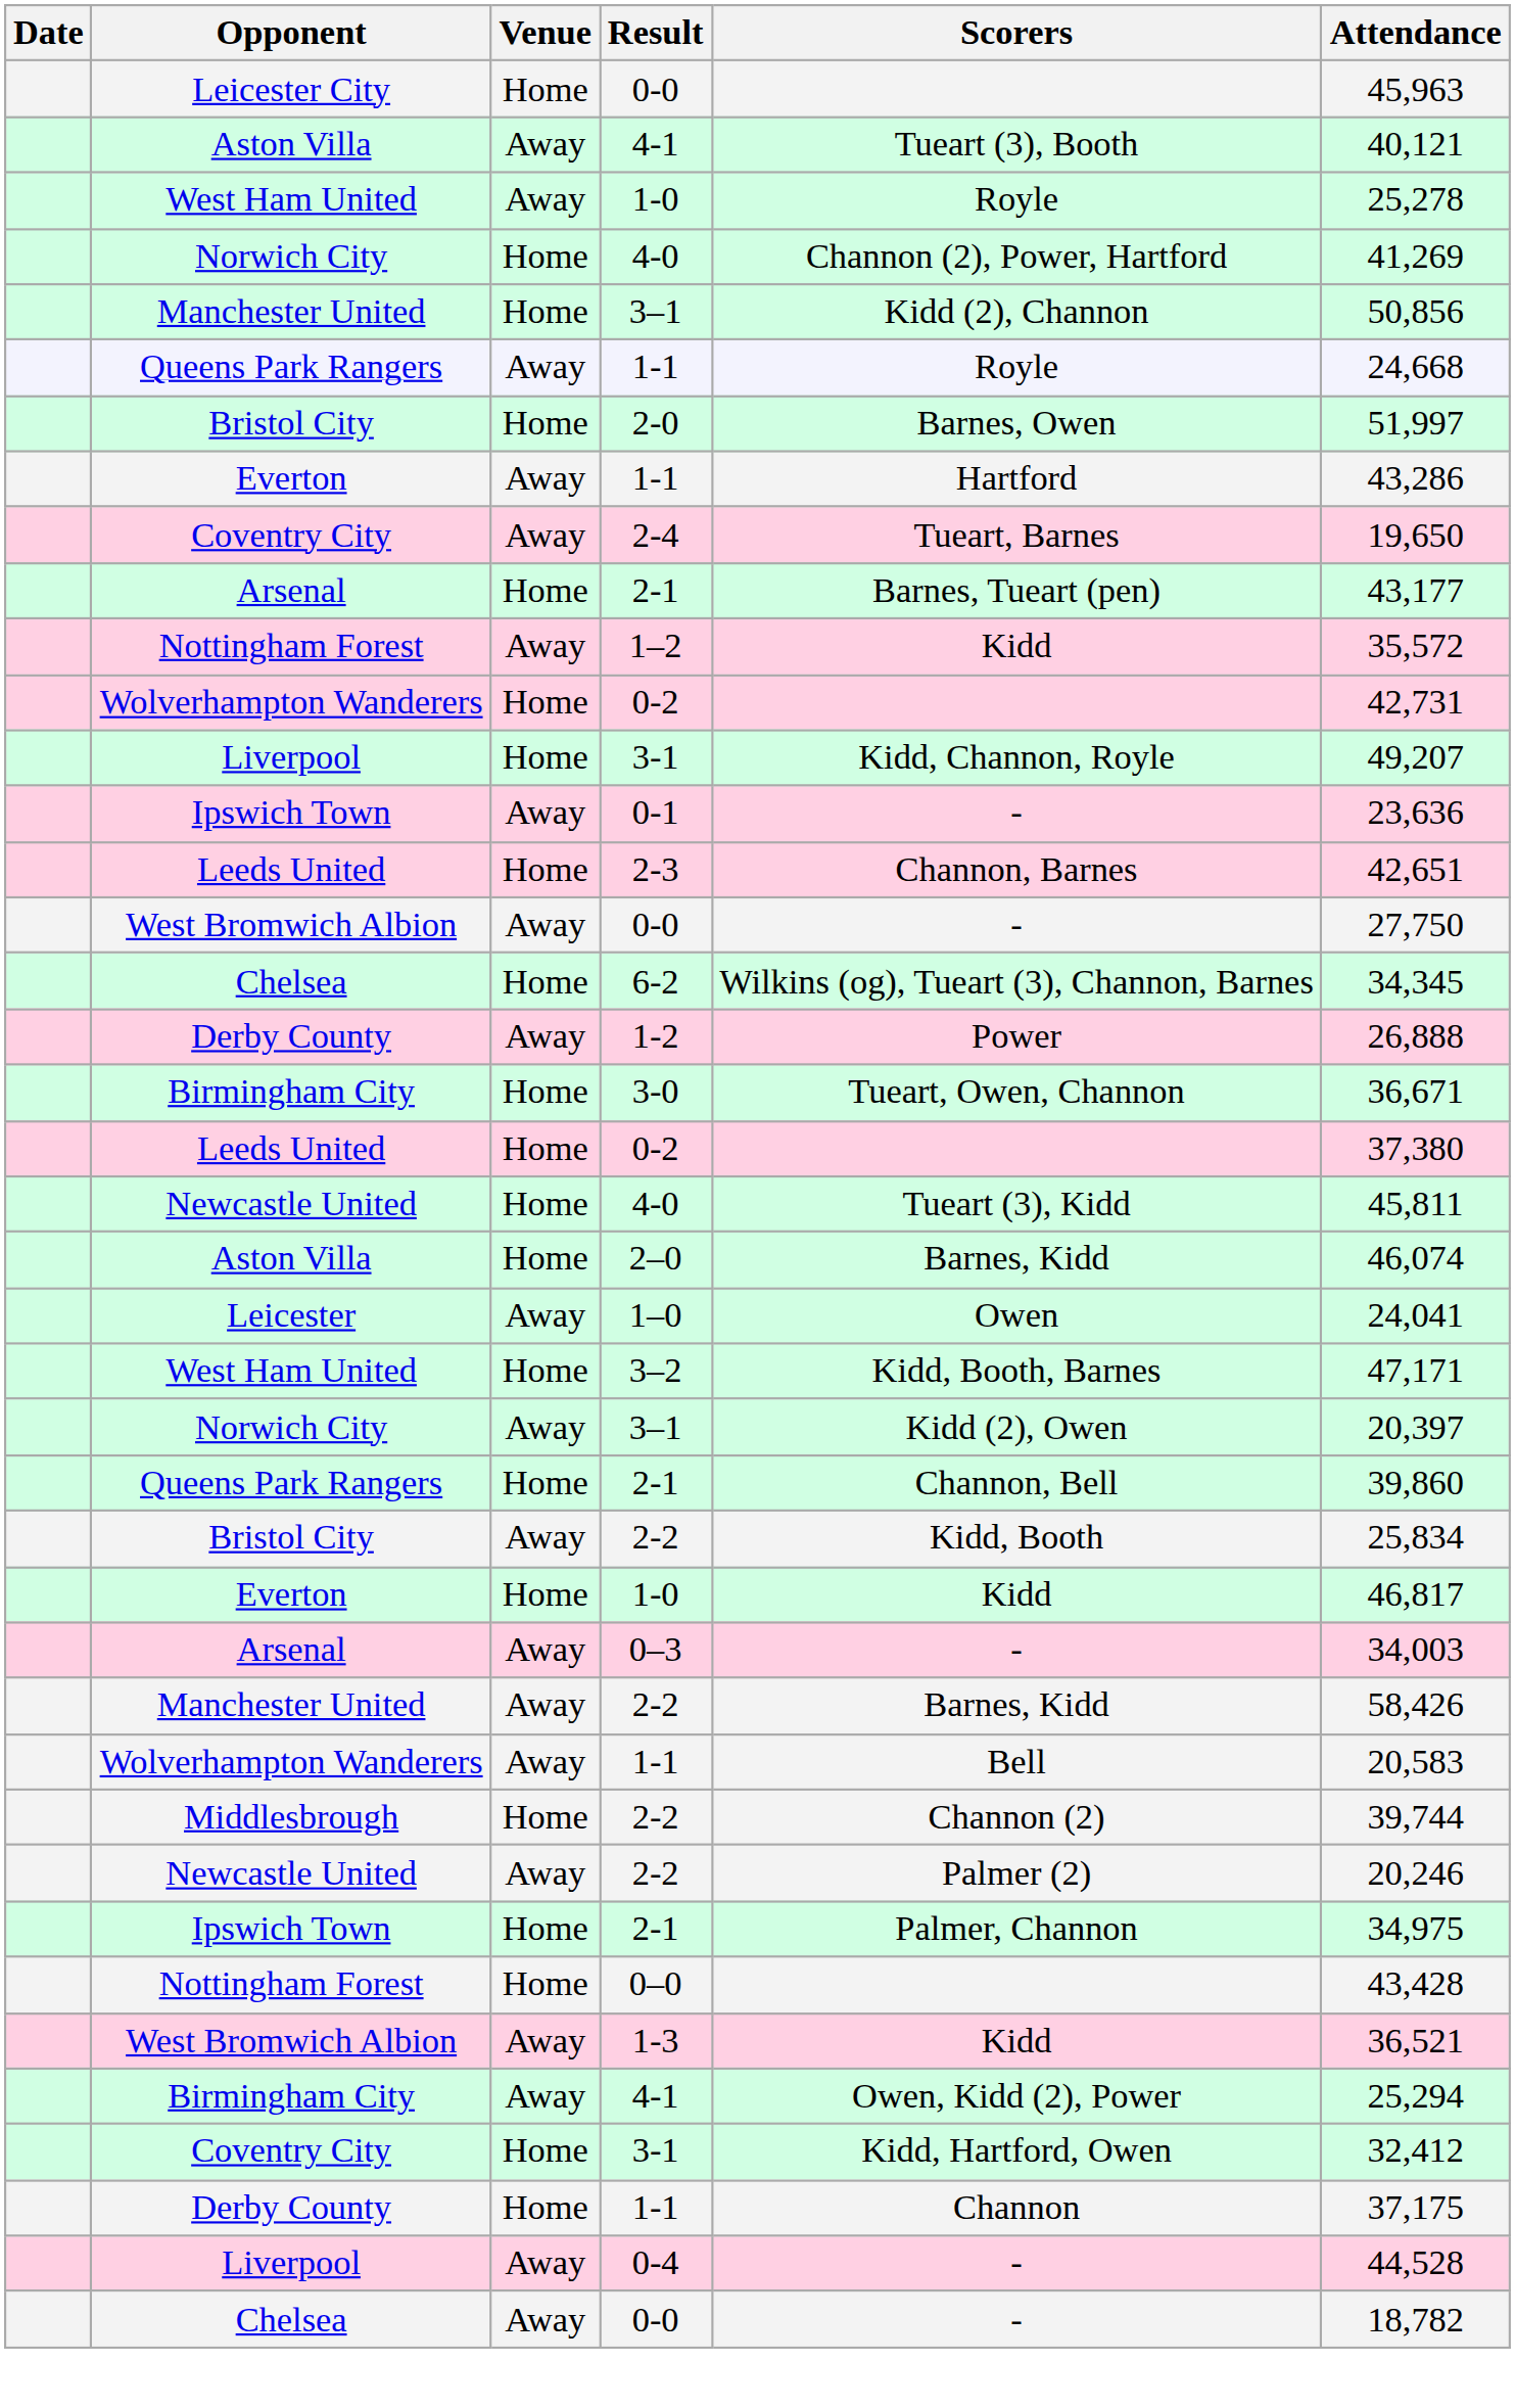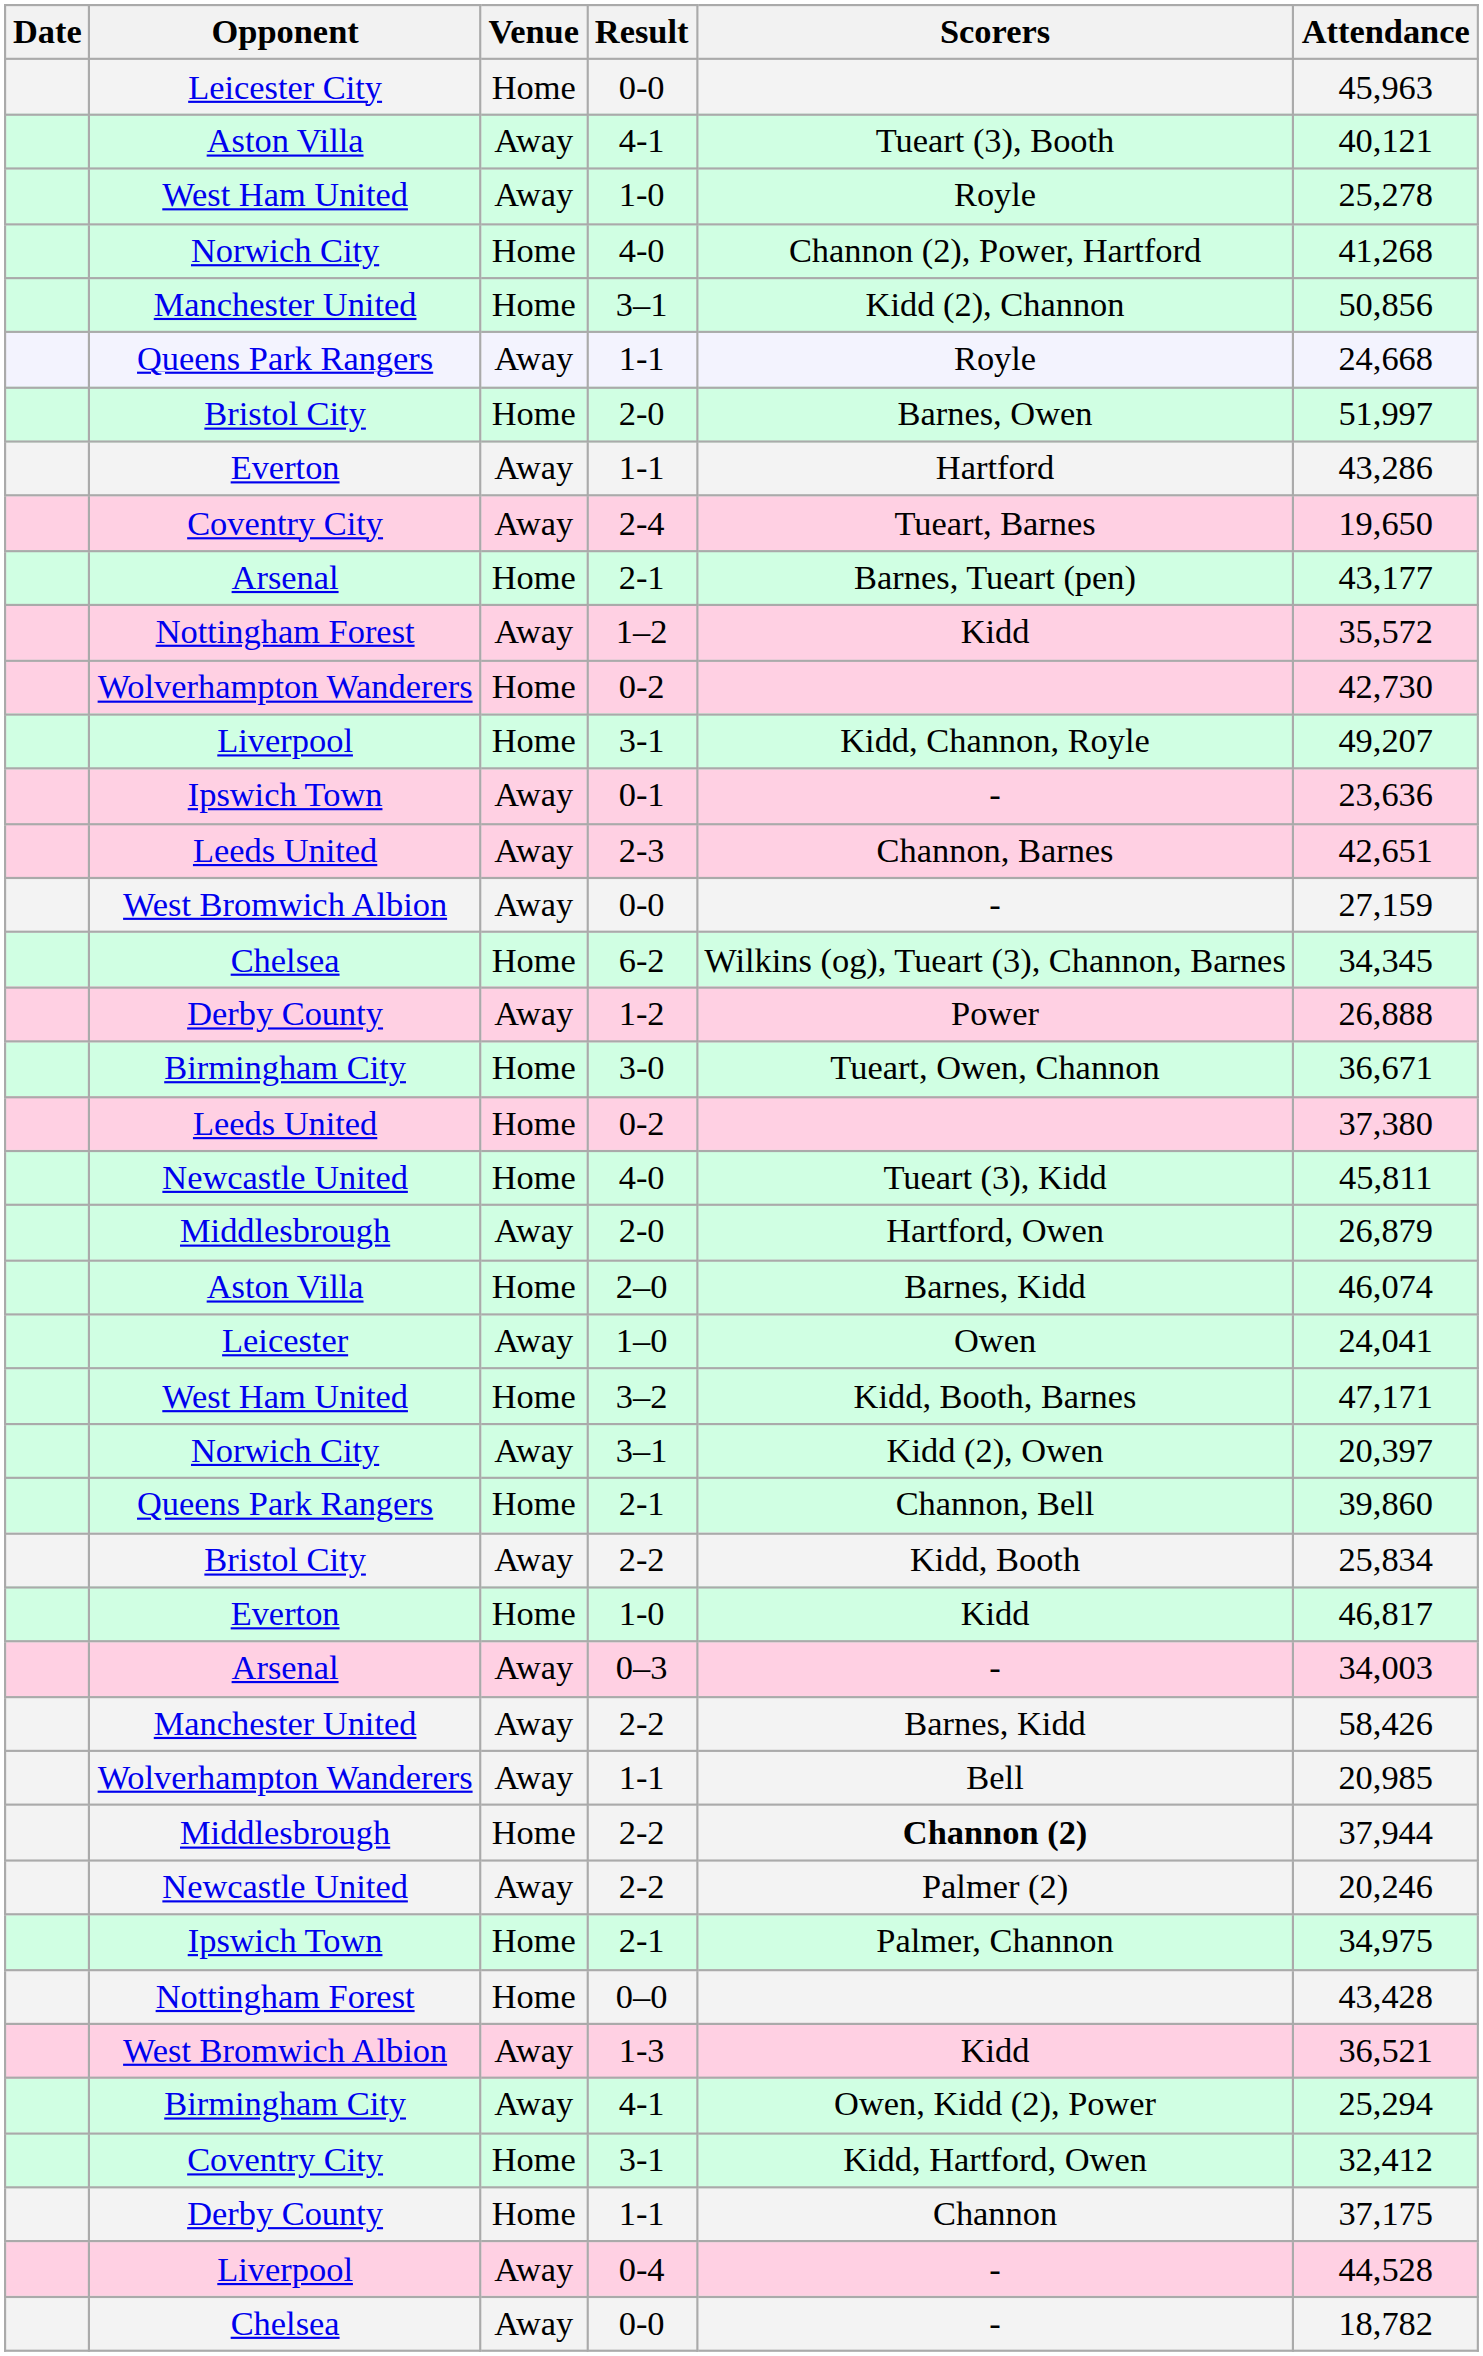 <table class="wikitable sortable" style="text-align:center;">
 <tr>
 <th>Date</th>
 <th>Opponent</th>
 <th>Venue</th>
 <th>Result</th>
 <th class=unsortable>Scorers</th>
 <th>Attendance</th>
 </tr>
 <tr bgcolor="#f3f3f3">
 <td></td>
 <td><a href='#'>Leicester City</a></td>
 <td>Home</td>
 <td>0-0</td>
 <td></td>
 <td>45,963</td>
 </tr>
 <tr bgcolor="#d0ffe3">
 <td></td>
 <td><a href='#'>Aston Villa</a></td>
 <td>Away</td>
 <td>4-1</td>
 <td>Tueart (3), Booth</td>
 <td>40,121</td>
 </tr>
 <tr bgcolor="#d0ffe3">
 <td></td>
 <td><a href='#'>West Ham United</a></td>
 <td>Away</td>
 <td>1-0</td>
 <td>Royle</td>
 <td>25,278</td>
 </tr>
 <tr bgcolor="#d0ffe3">
 <td></td>
 <td><a href='#'>Norwich City</a></td>
 <td>Home</td>
 <td>4-0</td>
 <td>Channon (2), Power, Hartford</td>
-<td>41,269</td>
+<td>41,268</td>
 </tr>
 <tr bgcolor="#d0ffe3">
 <td></td>
 <td><a href='#'>Manchester United</a></td>
 <td>Home</td>
 <td>3–1</td>
 <td>Kidd (2), Channon</td>
 <td>50,856</td>
 </tr>
 <tr bgcolor="#f3f3fe">
 <td></td>
 <td><a href='#'>Queens Park Rangers</a></td>
 <td>Away</td>
 <td>1-1</td>
 <td>Royle</td>
 <td>24,668</td>
 </tr>
 <tr bgcolor="#d0ffe3">
 <td></td>
 <td><a href='#'>Bristol City</a></td>
 <td>Home</td>
 <td>2-0</td>
 <td>Barnes, Owen</td>
 <td>51,997</td>
 </tr>
 <tr bgcolor="#f3f3f3">
 <td></td>
 <td><a href='#'>Everton</a></td>
 <td>Away</td>
 <td>1-1</td>
 <td>Hartford</td>
 <td>43,286</td>
 </tr>
 <tr bgcolor="#ffd0e3">
 <td></td>
 <td><a href='#'>Coventry City</a></td>
 <td>Away</td>
 <td>2-4</td>
 <td>Tueart, Barnes</td>
 <td>19,650</td>
 </tr>
 <tr bgcolor="#d0ffe3">
 <td></td>
 <td><a href='#'>Arsenal</a></td>
 <td>Home</td>
 <td>2-1</td>
 <td>Barnes, Tueart (pen)</td>
 <td>43,177</td>
 </tr>
 <tr bgcolor="#ffd0e3">
 <td></td>
 <td><a href='#'>Nottingham Forest</a></td>
 <td>Away</td>
 <td>1–2</td>
 <td>Kidd</td>
 <td>35,572</td>
 </tr>
 <tr bgcolor="#ffd0e3">
 <td></td>
 <td><a href='#'>Wolverhampton Wanderers</a></td>
 <td>Home</td>
 <td>0-2</td>
 <td></td>
-<td>42,731</td>
+<td>42,730</td>
 </tr>
 <tr bgcolor="#d0ffe3">
 <td></td>
 <td><a href='#'>Liverpool</a></td>
 <td>Home</td>
 <td>3-1</td>
 <td>Kidd, Channon, Royle</td>
 <td>49,207</td>
 </tr>
 <tr bgcolor="#ffd0e3">
 <td></td>
 <td><a href='#'>Ipswich Town</a></td>
 <td>Away</td>
 <td>0-1</td>
 <td>-</td>
 <td>23,636</td>
 </tr>
 <tr bgcolor="#ffd0e3">
 <td></td>
 <td><a href='#'>Leeds United</a></td>
-<td>Home</td>
+<td>Away</td>
 <td>2-3</td>
 <td>Channon, Barnes</td>
 <td>42,651</td>
 </tr>
 <tr bgcolor="#f3f3f3">
 <td></td>
 <td><a href='#'>West Bromwich Albion</a></td>
 <td>Away</td>
 <td>0-0</td>
 <td>-</td>
-<td>27,750</td>
+<td>27,159</td>
 </tr>
 <tr bgcolor="#d0ffe3">
 <td></td>
 <td><a href='#'>Chelsea</a></td>
 <td>Home</td>
 <td>6-2</td>
 <td>Wilkins (og), Tueart (3), Channon, Barnes</td>
 <td>34,345</td>
 </tr>
 <tr bgcolor="#ffd0e3">
 <td></td>
 <td><a href='#'>Derby County</a></td>
 <td>Away</td>
 <td>1-2</td>
 <td>Power</td>
 <td>26,888</td>
 </tr>
 <tr bgcolor="#d0ffe3">
 <td></td>
 <td><a href='#'>Birmingham City</a></td>
 <td>Home</td>
 <td>3-0</td>
 <td>Tueart, Owen, Channon</td>
 <td>36,671</td>
 </tr>
 <tr bgcolor="#ffd0e3">
 <td></td>
 <td><a href='#'>Leeds United</a></td>
 <td>Home</td>
 <td>0-2</td>
 <td></td>
 <td>37,380</td>
 </tr>
 <tr bgcolor="#d0ffe3">
 <td></td>
 <td><a href='#'>Newcastle United</a></td>
 <td>Home</td>
 <td>4-0</td>
 <td>Tueart (3), Kidd</td>
 <td>45,811</td>
+</tr>
+<tr bgcolor="#d0ffe3">
+<td></td>
+<td><a href='#'>Middlesbrough</a></td>
+<td>Away</td>
+<td>2-0</td>
+<td>Hartford, Owen</td>
+<td>26,879</td>
 </tr>
 <tr bgcolor="#d0ffe3">
 <td></td>
 <td><a href='#'>Aston Villa</a></td>
 <td>Home</td>
 <td>2–0</td>
 <td>Barnes, Kidd</td>
 <td>46,074</td>
 </tr>
 <tr bgcolor="#d0ffe3">
 <td></td>
 <td><a href='#'>Leicester</a></td>
 <td>Away</td>
 <td>1–0</td>
 <td>Owen</td>
 <td>24,041</td>
 </tr>
 <tr bgcolor="#d0ffe3">
 <td></td>
 <td><a href='#'>West Ham United</a></td>
 <td>Home</td>
 <td>3–2</td>
 <td>Kidd, Booth, Barnes</td>
 <td>47,171</td>
 </tr>
 <tr bgcolor="#d0ffe3">
 <td></td>
 <td><a href='#'>Norwich City</a></td>
 <td>Away</td>
 <td>3–1</td>
 <td>Kidd (2), Owen</td>
 <td>20,397</td>
 </tr>
 <tr bgcolor="#d0ffe3">
 <td></td>
 <td><a href='#'>Queens Park Rangers</a></td>
 <td>Home</td>
 <td>2-1</td>
 <td>Channon, Bell</td>
 <td>39,860</td>
 </tr>
 <tr bgcolor="#f3f3f3">
 <td></td>
 <td><a href='#'>Bristol City</a></td>
 <td>Away</td>
 <td>2-2</td>
 <td>Kidd, Booth</td>
 <td>25,834</td>
 </tr>
 <tr bgcolor="#d0ffe3">
 <td></td>
 <td><a href='#'>Everton</a></td>
 <td>Home</td>
 <td>1-0</td>
 <td>Kidd</td>
 <td>46,817</td>
 </tr>
 <tr bgcolor="#ffd0e3">
 <td></td>
 <td><a href='#'>Arsenal</a></td>
 <td>Away</td>
 <td>0–3</td>
 <td>-</td>
 <td>34,003</td>
 </tr>
 <tr bgcolor="#f3f3f3">
 <td></td>
 <td><a href='#'>Manchester United</a></td>
 <td>Away</td>
 <td>2-2</td>
 <td>Barnes, Kidd</td>
 <td>58,426</td>
 </tr>
 <tr bgcolor="#f3f3f3">
 <td></td>
 <td><a href='#'>Wolverhampton Wanderers</a></td>
 <td>Away</td>
 <td>1-1</td>
 <td>Bell</td>
-<td>20,583</td>
+<td>20,985</td>
 </tr>
 <tr bgcolor="#f3f3f3">
 <td></td>
 <td><a href='#'>Middlesbrough</a></td>
 <td>Home</td>
 <td>2-2</td>
-<td>Channon (2)</td>
-<td>39,744</td>
+<td><strong>Channon (2)</strong></td>
+<td>37,944</td>
 </tr>
 <tr bgcolor="#f3f3f3">
 <td></td>
 <td><a href='#'>Newcastle United</a></td>
 <td>Away</td>
 <td>2-2</td>
 <td>Palmer (2)</td>
 <td>20,246</td>
 </tr>
 <tr bgcolor="#d0ffe3">
 <td></td>
 <td><a href='#'>Ipswich Town</a></td>
 <td>Home</td>
 <td>2-1</td>
 <td>Palmer, Channon</td>
 <td>34,975</td>
 </tr>
 <tr bgcolor="#f3f3f3">
 <td></td>
 <td><a href='#'>Nottingham Forest</a></td>
 <td>Home</td>
 <td>0–0</td>
 <td></td>
 <td>43,428</td>
 </tr>
 <tr bgcolor="#ffd0e3">
 <td></td>
 <td><a href='#'>West Bromwich Albion</a></td>
 <td>Away</td>
 <td>1-3</td>
 <td>Kidd</td>
 <td>36,521</td>
 </tr>
 <tr bgcolor="#d0ffe3">
 <td></td>
 <td><a href='#'>Birmingham City</a></td>
 <td>Away</td>
 <td>4-1</td>
 <td>Owen, Kidd (2), Power</td>
 <td>25,294</td>
 </tr>
 <tr bgcolor="#d0ffe3">
 <td></td>
 <td><a href='#'>Coventry City</a></td>
 <td>Home</td>
 <td>3-1</td>
 <td>Kidd, Hartford, Owen</td>
 <td>32,412</td>
 </tr>
 <tr bgcolor="#f3f3f3">
 <td></td>
 <td><a href='#'>Derby County</a></td>
 <td>Home</td>
 <td>1-1</td>
 <td>Channon</td>
 <td>37,175</td>
 </tr>
 <tr bgcolor="#ffd0e3">
 <td></td>
 <td><a href='#'>Liverpool</a></td>
 <td>Away</td>
 <td>0-4</td>
 <td>-</td>
 <td>44,528</td>
 </tr>
 <tr bgcolor="#f3f3f3">
 <td></td>
 <td><a href='#'>Chelsea</a></td>
 <td>Away</td>
 <td>0-0</td>
 <td>-</td>
 <td>18,782</td>
 </tr>
 </table>
